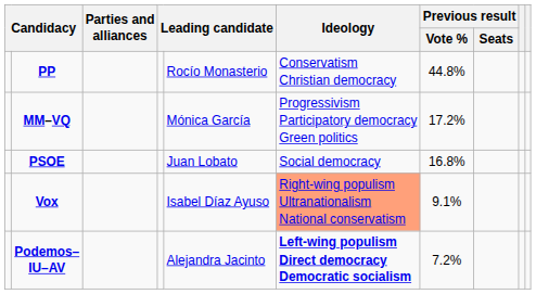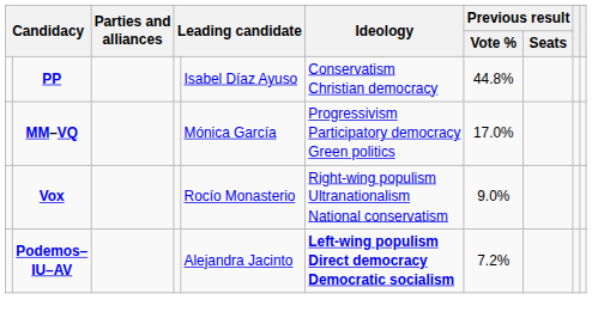 <table class="wikitable" style="line-height:1.35em; text-align:left;">
 <tr>
 <th colspan="2" rowspan="2">Candidacy</th>
 <th rowspan="2">Parties and<br>alliances</th>
 <th colspan="2" rowspan="2">Leading candidate</th>
 <th rowspan="2">Ideology</th>
 <th colspan="2">Previous result</th>
 <th rowspan="2"></th>
 <th rowspan="2"></th>
 </tr>
 <tr>
 <th>Vote %</th>
 <th>Seats</th>
 </tr>
 <tr>
 <td width="1" style="color:inherit;background:"></td>
 <td align="center"><strong><a href='#'>PP</a></strong></td>
 <td></td>
 <td></td>
-<td><a href='#'>Rocío Monasterio</a></td>
+<td><a href='#'>Isabel Díaz Ayuso</a></td>
 <td><a href='#'>Conservatism</a><br><a href='#'>Christian democracy</a></td>
 <td align="center">44.8%</td>
 <td></td>
 <td></td>
 <td></td>
 </tr>
 <tr>
 <td style="color:inherit;background:"></td>
 <td align="center"><strong><a href='#'>MM</a>–<a href='#'>VQ</a></strong></td>
 <td></td>
 <td></td>
 <td><a href='#'>Mónica García</a></td>
 <td><a href='#'>Progressivism</a><br><a href='#'>Participatory democracy</a><br><a href='#'>Green politics</a></td>
-<td align="center">17.2%</td>
-<td></td>
-<td></td>
-<td><br></td>
-</tr>
-<tr>
-<td style="color:inherit;background:"></td>
-<td align="center"><strong><a href='#'>PSOE</a></strong></td>
-<td></td>
-<td></td>
-<td><a href='#'>Juan Lobato</a></td>
-<td><a href='#'>Social democracy</a></td>
-<td align="center">16.8%</td>
+<td align="center">17.0%</td>
 <td></td>
 <td></td>
 <td><br></td>
 </tr>
 <tr>
 <td style="color:inherit;background:"></td>
 <td align="center"><strong><a href='#'>Vox</a></strong></td>
 <td></td>
 <td></td>
-<td><a href='#'>Isabel Díaz Ayuso</a></td>
-<td style="background: lightsalmon;"><a href='#'>Right-wing populism</a><br><a href='#'>Ultranationalism</a><br><a href='#'>National conservatism</a></td>
-<td align="center">9.1%</td>
+<td><a href='#'>Rocío Monasterio</a></td>
+<td><a href='#'>Right-wing populism</a><br><a href='#'>Ultranationalism</a><br><a href='#'>National conservatism</a></td>
+<td align="center">9.0%</td>
 <td></td>
 <td></td>
 <td></td>
 </tr>
 <tr>
 <td style="color:inherit;background:"></td>
 <td align="center"><strong><a href='#'>Podemos–<br>IU–AV</a></strong></td>
 <td></td>
 <td></td>
 <td><a href='#'>Alejandra Jacinto</a></td>
 <td><strong><a href='#'>Left-wing populism</a><br><a href='#'>Direct democracy</a><br><a href='#'>Democratic socialism</a></strong></td>
 <td align="center">7.2%</td>
 <td></td>
 <td></td>
 <td><br></td>
 </tr>
 </table>
